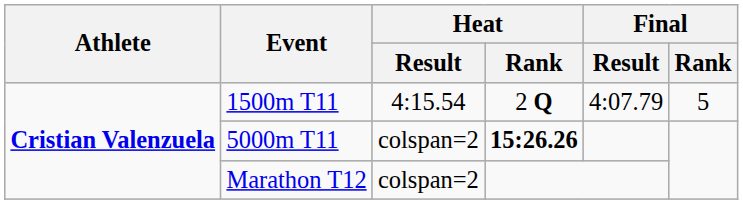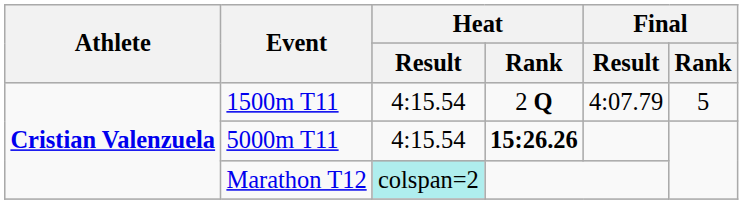 <table class="wikitable">
 <tr>
 <th rowspan="2">Athlete</th>
 <th rowspan="2">Event</th>
 <th colspan="2">Heat</th>
 <th colspan="2">Final</th>
 </tr>
 <tr>
 <th>Result</th>
 <th>Rank</th>
 <th>Result</th>
 <th>Rank</th>
 </tr>
 <tr align=center>
 <td align=left rowspan=3><strong><a href='#'>Cristian Valenzuela</a></strong></td>
 <td align=left><a href='#'>1500m T11</a></td>
 <td>4:15.54</td>
 <td>2 <strong>Q</strong></td>
 <td>4:07.79</td>
 <td>5</td>
 </tr>
 <tr align=center>
 <td align=left><a href='#'>5000m T11</a></td>
-<td>colspan=2 </td>
+<td>4:15.54</td>
 <td><strong>15:26.26</strong></td>
 <td></td>
 </tr>
 <tr align=center>
 <td align=left><a href='#'>Marathon T12</a></td>
-<td>colspan=2 </td>
+<td style="background: paleturquoise;">colspan=2 </td>
 <td colspan=2></td>
 </tr>
 </table>
